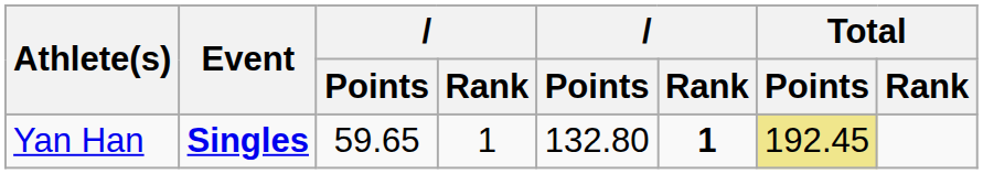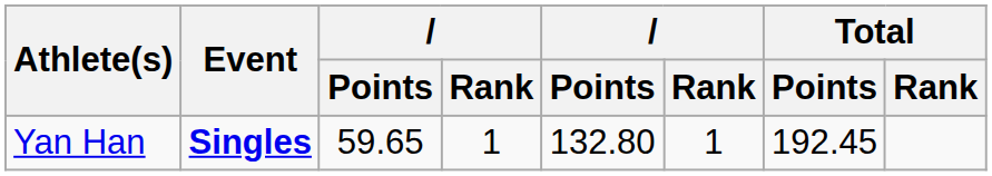 <table class="wikitable">
 <tr>
 <th rowspan="2">Athlete(s)</th>
 <th rowspan="2">Event</th>
 <th colspan="2">/</th>
 <th colspan="2">/</th>
 <th colspan="2">Total</th>
 </tr>
 <tr>
 <th>Points</th>
 <th>Rank</th>
 <th>Points</th>
 <th>Rank</th>
 <th>Points</th>
 <th>Rank</th>
 </tr>
 <tr>
 <td><a href='#'>Yan Han</a></td>
 <td><strong><a href='#'>Singles</a></strong></td>
 <td align="center">59.65</td>
 <td align="center">1</td>
 <td align="center">132.80</td>
-<td align="center"><strong>1</strong></td>
-<td align="center" style="background: khaki;">192.45</td>
+<td align="center">1</td>
+<td align="center">192.45</td>
 <td align="center"></td>
 </tr>
 </table>
